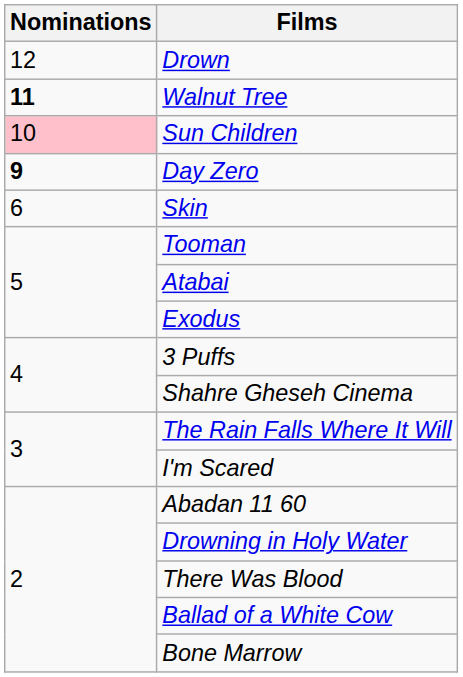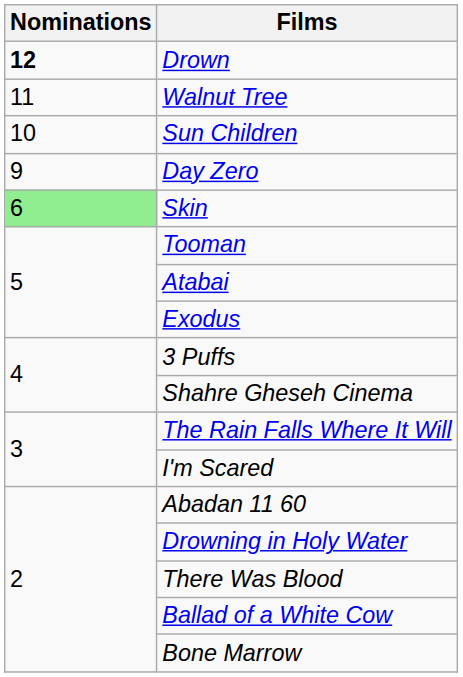 <table class="wikitable">
 <tr>
 <th>Nominations</th>
 <th>Films</th>
 </tr>
 <tr>
-<td>12</td>
+<td><strong>12</strong></td>
 <td><em><a href='#'>Drown</a></em></td>
 </tr>
 <tr>
-<td><strong>11</strong></td>
+<td>11</td>
 <td><em><a href='#'>Walnut Tree</a></em></td>
 </tr>
 <tr>
-<td style="background: pink;">10</td>
+<td>10</td>
 <td><em><a href='#'>Sun Children</a></em></td>
 </tr>
 <tr>
-<td><strong>9</strong></td>
+<td>9</td>
 <td><a href='#'><em>Day Zero</em></a></td>
 </tr>
 <tr>
-<td>6</td>
+<td style="background: lightgreen;">6</td>
 <td><a href='#'><em>Skin</em></a></td>
 </tr>
 <tr>
 <td rowspan="3">5</td>
 <td><em><a href='#'>Tooman</a></em></td>
 </tr>
 <tr>
 <td><em><a href='#'>Atabai</a></em></td>
 </tr>
 <tr>
 <td><a href='#'><em>Exodus</em></a></td>
 </tr>
 <tr>
 <td rowspan="2">4</td>
 <td><em>3 Puffs</em></td>
 </tr>
 <tr>
 <td><em>Shahre Gheseh Cinema</em></td>
 </tr>
 <tr>
 <td rowspan="2">3</td>
 <td><em><a href='#'>The Rain Falls Where It Will</a></em></td>
 </tr>
 <tr>
 <td><em>I'm Scared</em></td>
 </tr>
 <tr>
 <td rowspan="5">2</td>
 <td><em>Abadan 11 60</em></td>
 </tr>
 <tr>
 <td><em><a href='#'>Drowning in Holy Water</a></em></td>
 </tr>
 <tr>
 <td><em>There Was Blood</em></td>
 </tr>
 <tr>
 <td><em><a href='#'>Ballad of a White Cow</a></em></td>
 </tr>
 <tr>
 <td><em>Bone Marrow</em></td>
 </tr>
 </table>
